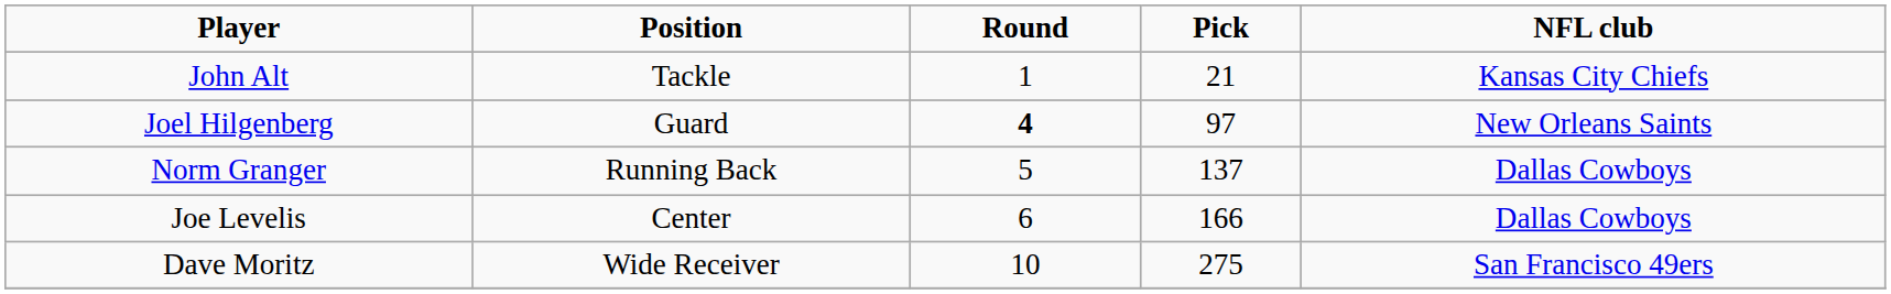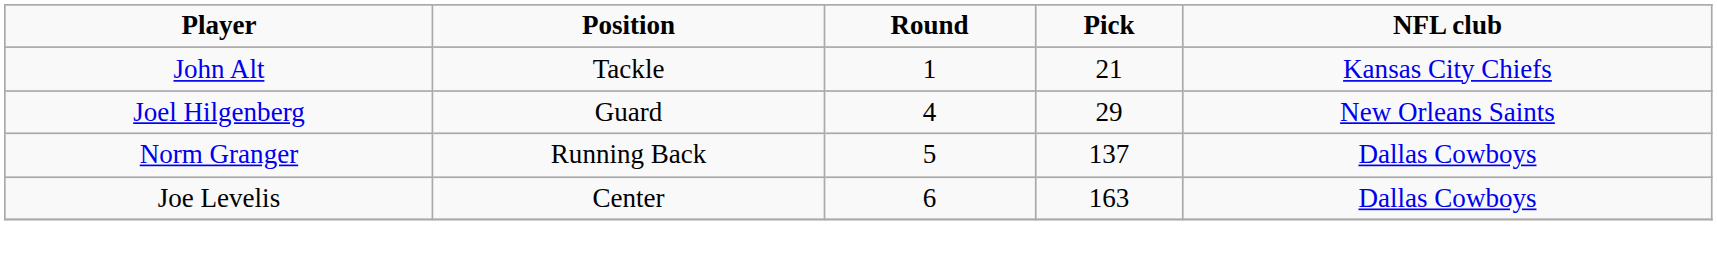 <table class="wikitable" width="80%">
 <tr align="center">
 <td><strong>Player</strong></td>
 <td><strong>Position</strong></td>
 <td><strong>Round</strong></td>
 <td><strong>Pick</strong></td>
 <td><strong>NFL club</strong></td>
 </tr>
 <tr align="center" bgcolor="">
 <td><a href='#'>John Alt</a></td>
 <td>Tackle</td>
 <td>1</td>
 <td>21</td>
 <td><a href='#'>Kansas City Chiefs</a></td>
 </tr>
 <tr align="center" bgcolor="">
 <td><a href='#'>Joel Hilgenberg</a></td>
 <td>Guard</td>
-<td><strong>4</strong></td>
-<td>97</td>
+<td>4</td>
+<td>29</td>
 <td><a href='#'>New Orleans Saints</a></td>
 </tr>
 <tr align="center" bgcolor="">
 <td><a href='#'>Norm Granger</a></td>
 <td>Running Back</td>
 <td>5</td>
 <td>137</td>
 <td><a href='#'>Dallas Cowboys</a></td>
 </tr>
 <tr align="center" bgcolor="">
 <td>Joe Levelis</td>
 <td>Center</td>
 <td>6</td>
-<td>166</td>
+<td>163</td>
 <td><a href='#'>Dallas Cowboys</a></td>
-</tr>
-<tr align="center" bgcolor="">
-<td>Dave Moritz</td>
-<td>Wide Receiver</td>
-<td>10</td>
-<td>275</td>
-<td><a href='#'>San Francisco 49ers</a></td>
 </tr>
 <tr align="center" bgcolor="">
 </tr>
 </table>
